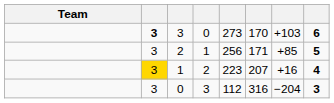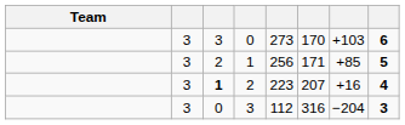 <table class="wikitable" style="text-align: center; font-size:90% ">
 <tr>
 <th width=160>Team</th>
 <th width=25></th>
 <th width=25></th>
 <th width=25></th>
 <th width=25></th>
 <th width=25></th>
 <th width=25></th>
 <th width=25></th>
 </tr>
 <tr>
 <td align=left></td>
-<td><strong>3</strong></td>
+<td>3</td>
 <td>3</td>
 <td>0</td>
 <td>273</td>
 <td>170</td>
 <td>+103</td>
 <td><strong>6</strong></td>
 </tr>
 <tr>
 <td align=left></td>
 <td>3</td>
 <td>2</td>
 <td>1</td>
 <td>256</td>
 <td>171</td>
 <td>+85</td>
 <td><strong>5</strong></td>
 </tr>
 <tr>
 <td align=left></td>
-<td style="background: gold;">3</td>
-<td>1</td>
+<td>3</td>
+<td><strong>1</strong></td>
 <td>2</td>
 <td>223</td>
 <td>207</td>
 <td>+16</td>
 <td><strong>4</strong></td>
 </tr>
 <tr>
 <td align=left></td>
 <td>3</td>
 <td>0</td>
 <td>3</td>
 <td>112</td>
 <td>316</td>
 <td>−204</td>
 <td><strong>3</strong></td>
 </tr>
 </table>
